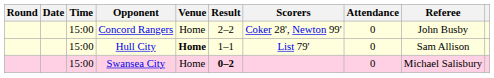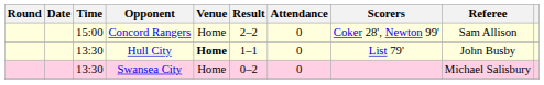 <table class="wikitable" style="text-align:center">
 <tr>
 <th>Round</th>
 <th>Date</th>
 <th>Time</th>
 <th>Opponent</th>
 <th>Venue</th>
 <th>Result</th>
+<th>Attendance</th>
 <th>Scorers</th>
-<th>Attendance</th>
 <th>Referee</th>
 <th></th>
 </tr>
 <tr bgcolor="#ffffdd">
 <td></td>
 <td></td>
 <td>15:00</td>
 <td><a href='#'>Concord Rangers</a></td>
 <td>Home</td>
 <td>2–2  </td>
+<td>0</td>
 <td><a href='#'>Coker</a> 28', <a href='#'>Newton</a> 99'</td>
-<td>0</td>
-<td>John Busby</td>
+<td>Sam Allison</td>
 <td></td>
 </tr>
 <tr bgcolor="#ffffdd">
 <td></td>
 <td></td>
-<td>15:00</td>
+<td>13:30</td>
 <td><a href='#'>Hull City</a></td>
 <td><strong>Home</strong></td>
 <td>1–1  </td>
+<td>0</td>
 <td><a href='#'>List</a> 79'</td>
-<td>0</td>
-<td>Sam Allison</td>
+<td>John Busby</td>
 <td></td>
 </tr>
 <tr bgcolor="#ffd0e3">
 <td></td>
 <td></td>
-<td>15:00</td>
+<td>13:30</td>
 <td><a href='#'>Swansea City</a></td>
 <td>Home</td>
-<td><strong>0–2</strong></td>
+<td>0–2</td>
+<td>0</td>
 <td></td>
-<td>0</td>
 <td>Michael Salisbury</td>
 <td></td>
 </tr>
 </table>
